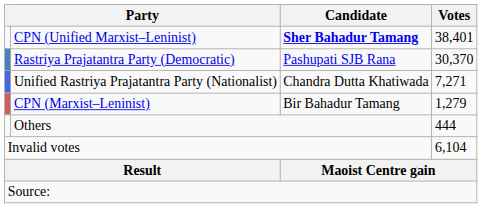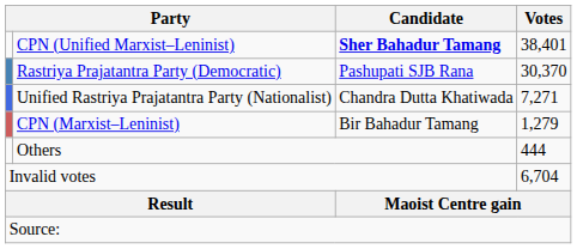 <table class="wikitable">
 <tr>
 <th colspan="2">Party</th>
 <th>Candidate</th>
 <th>Votes</th>
 </tr>
 <tr>
 <td style="background-color:"></td>
 <td><a href='#'>CPN (Unified Marxist–Leninist)</a></td>
 <td><strong><a href='#'>Sher Bahadur Tamang</a></strong></td>
 <td>38,401</td>
 </tr>
 <tr>
 <td style="background-color:steelblue"></td>
 <td><a href='#'>Rastriya Prajatantra Party (Democratic)</a></td>
 <td><a href='#'>Pashupati SJB Rana</a></td>
 <td>30,370</td>
 </tr>
 <tr>
 <td style="background-color:royalblue"></td>
 <td>Unified Rastriya Prajatantra Party (Nationalist)</td>
 <td>Chandra Dutta Khatiwada</td>
 <td>7,271</td>
 </tr>
 <tr>
 <td style="background-color:indianred"></td>
 <td><a href='#'>CPN (Marxist–Leninist)</a></td>
 <td>Bir Bahadur Tamang</td>
 <td>1,279</td>
 </tr>
 <tr>
 <td></td>
 <td colspan="2">Others</td>
 <td>444</td>
 </tr>
 <tr>
 <td colspan="3">Invalid votes</td>
-<td>6,104</td>
+<td>6,704</td>
 </tr>
 <tr>
 <th colspan="2">Result</th>
 <th colspan="2">Maoist Centre gain</th>
 </tr>
 <tr>
 <td colspan="4">Source: </td>
 </tr>
 </table>
